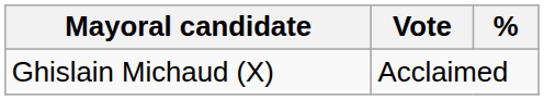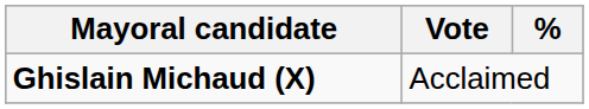 <table class="wikitable">
 <tr>
 <th bgcolor="#DDDDFF" width="200px">Mayoral candidate</th>
 <th bgcolor="#DDDDFF" width="50px">Vote</th>
 <th bgcolor="#DDDDFF"  width="30px">%</th>
 </tr>
 <tr>
-<td>Ghislain Michaud (X)</td>
+<td><strong>Ghislain Michaud (X)</strong></td>
 <td colspan="2">Acclaimed</td>
 </tr>
 </table>
